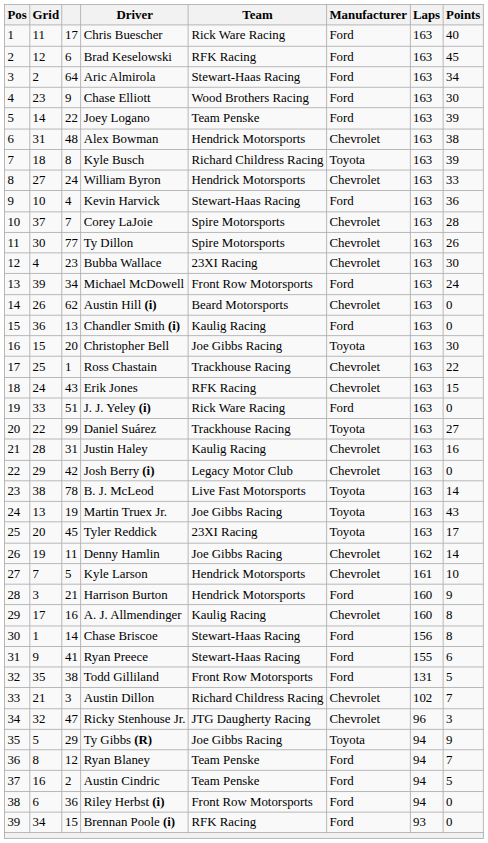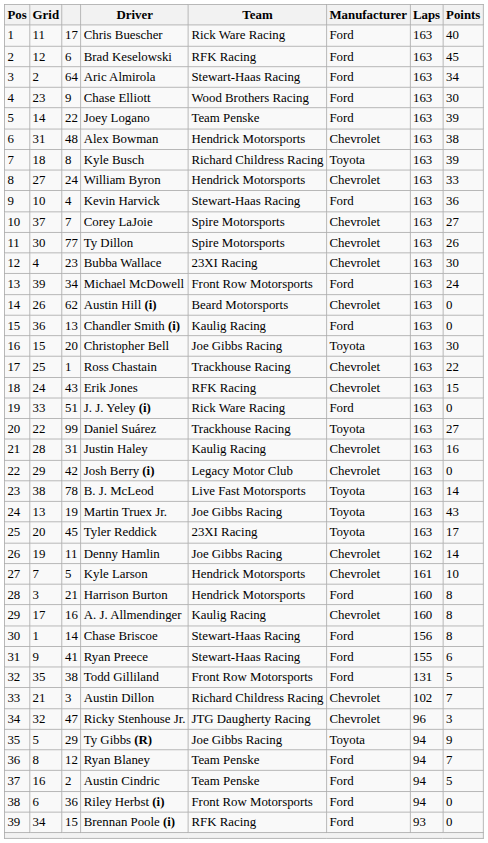 <table class="wikitable" style="font-size:98%">
 <tr>
 <th>Pos</th>
 <th>Grid</th>
 <th></th>
 <th>Driver</th>
 <th>Team</th>
 <th>Manufacturer</th>
 <th>Laps</th>
 <th>Points</th>
 </tr>
 <tr>
 <td>1</td>
 <td>11</td>
 <td>17</td>
 <td>Chris Buescher</td>
 <td>Rick Ware Racing</td>
 <td>Ford</td>
 <td>163</td>
 <td>40</td>
 </tr>
 <tr>
 <td>2</td>
 <td>12</td>
 <td>6</td>
 <td>Brad Keselowski</td>
 <td>RFK Racing</td>
 <td>Ford</td>
 <td>163</td>
 <td>45</td>
 </tr>
 <tr>
 <td>3</td>
 <td>2</td>
 <td>64</td>
 <td>Aric Almirola</td>
 <td>Stewart-Haas Racing</td>
 <td>Ford</td>
 <td>163</td>
 <td>34</td>
 </tr>
 <tr>
 <td>4</td>
 <td>23</td>
 <td>9</td>
 <td>Chase Elliott</td>
 <td>Wood Brothers Racing</td>
 <td>Ford</td>
 <td>163</td>
 <td>30</td>
 </tr>
 <tr>
 <td>5</td>
 <td>14</td>
 <td>22</td>
 <td>Joey Logano</td>
 <td>Team Penske</td>
 <td>Ford</td>
 <td>163</td>
 <td>39</td>
 </tr>
 <tr>
 <td>6</td>
 <td>31</td>
 <td>48</td>
 <td>Alex Bowman</td>
 <td>Hendrick Motorsports</td>
 <td>Chevrolet</td>
 <td>163</td>
 <td>38</td>
 </tr>
 <tr>
 <td>7</td>
 <td>18</td>
 <td>8</td>
 <td>Kyle Busch</td>
 <td>Richard Childress Racing</td>
 <td>Toyota</td>
 <td>163</td>
 <td>39</td>
 </tr>
 <tr>
 <td>8</td>
 <td>27</td>
 <td>24</td>
 <td>William Byron</td>
 <td>Hendrick Motorsports</td>
 <td>Chevrolet</td>
 <td>163</td>
 <td>33</td>
 </tr>
 <tr>
 <td>9</td>
 <td>10</td>
 <td>4</td>
 <td>Kevin Harvick</td>
 <td>Stewart-Haas Racing</td>
 <td>Ford</td>
 <td>163</td>
 <td>36</td>
 </tr>
 <tr>
 <td>10</td>
 <td>37</td>
 <td>7</td>
 <td>Corey LaJoie</td>
 <td>Spire Motorsports</td>
 <td>Chevrolet</td>
 <td>163</td>
-<td>28</td>
+<td>27</td>
 </tr>
 <tr>
 <td>11</td>
 <td>30</td>
 <td>77</td>
 <td>Ty Dillon</td>
 <td>Spire Motorsports</td>
 <td>Chevrolet</td>
 <td>163</td>
 <td>26</td>
 </tr>
 <tr>
 <td>12</td>
 <td>4</td>
 <td>23</td>
 <td>Bubba Wallace</td>
 <td>23XI Racing</td>
 <td>Chevrolet</td>
 <td>163</td>
 <td>30</td>
 </tr>
 <tr>
 <td>13</td>
 <td>39</td>
 <td>34</td>
 <td>Michael McDowell</td>
 <td>Front Row Motorsports</td>
 <td>Ford</td>
 <td>163</td>
 <td>24</td>
 </tr>
 <tr>
 <td>14</td>
 <td>26</td>
 <td>62</td>
 <td>Austin Hill <strong>(i)</strong></td>
 <td>Beard Motorsports</td>
 <td>Chevrolet</td>
 <td>163</td>
 <td>0</td>
 </tr>
 <tr>
 <td>15</td>
 <td>36</td>
 <td>13</td>
 <td>Chandler Smith <strong>(i)</strong></td>
 <td>Kaulig Racing</td>
 <td>Ford</td>
 <td>163</td>
 <td>0</td>
 </tr>
 <tr>
 <td>16</td>
 <td>15</td>
 <td>20</td>
 <td>Christopher Bell</td>
 <td>Joe Gibbs Racing</td>
 <td>Toyota</td>
 <td>163</td>
 <td>30</td>
 </tr>
 <tr>
 <td>17</td>
 <td>25</td>
 <td>1</td>
 <td>Ross Chastain</td>
 <td>Trackhouse Racing</td>
 <td>Chevrolet</td>
 <td>163</td>
 <td>22</td>
 </tr>
 <tr>
 <td>18</td>
 <td>24</td>
 <td>43</td>
 <td>Erik Jones</td>
 <td>RFK Racing</td>
 <td>Chevrolet</td>
 <td>163</td>
 <td>15</td>
 </tr>
 <tr>
 <td>19</td>
 <td>33</td>
 <td>51</td>
 <td>J. J. Yeley <strong>(i)</strong></td>
 <td>Rick Ware Racing</td>
 <td>Ford</td>
 <td>163</td>
 <td>0</td>
 </tr>
 <tr>
 <td>20</td>
 <td>22</td>
 <td>99</td>
 <td>Daniel Suárez</td>
 <td>Trackhouse Racing</td>
 <td>Toyota</td>
 <td>163</td>
 <td>27</td>
 </tr>
 <tr>
 <td>21</td>
 <td>28</td>
 <td>31</td>
 <td>Justin Haley</td>
 <td>Kaulig Racing</td>
 <td>Chevrolet</td>
 <td>163</td>
 <td>16</td>
 </tr>
 <tr>
 <td>22</td>
 <td>29</td>
 <td>42</td>
 <td>Josh Berry <strong>(i)</strong></td>
 <td>Legacy Motor Club</td>
 <td>Chevrolet</td>
 <td>163</td>
 <td>0</td>
 </tr>
 <tr>
 <td>23</td>
 <td>38</td>
 <td>78</td>
 <td>B. J. McLeod</td>
 <td>Live Fast Motorsports</td>
 <td>Toyota</td>
 <td>163</td>
 <td>14</td>
 </tr>
 <tr>
 <td>24</td>
 <td>13</td>
 <td>19</td>
 <td>Martin Truex Jr.</td>
 <td>Joe Gibbs Racing</td>
 <td>Toyota</td>
 <td>163</td>
 <td>43</td>
 </tr>
 <tr>
 <td>25</td>
 <td>20</td>
 <td>45</td>
 <td>Tyler Reddick</td>
 <td>23XI Racing</td>
 <td>Toyota</td>
 <td>163</td>
 <td>17</td>
 </tr>
 <tr>
 <td>26</td>
 <td>19</td>
 <td>11</td>
 <td>Denny Hamlin</td>
 <td>Joe Gibbs Racing</td>
 <td>Chevrolet</td>
 <td>162</td>
 <td>14</td>
 </tr>
 <tr>
 <td>27</td>
 <td>7</td>
 <td>5</td>
 <td>Kyle Larson</td>
 <td>Hendrick Motorsports</td>
 <td>Chevrolet</td>
 <td>161</td>
 <td>10</td>
 </tr>
 <tr>
 <td>28</td>
 <td>3</td>
 <td>21</td>
 <td>Harrison Burton</td>
 <td>Hendrick Motorsports</td>
 <td>Ford</td>
 <td>160</td>
-<td>9</td>
+<td>8</td>
 </tr>
 <tr>
 <td>29</td>
 <td>17</td>
 <td>16</td>
 <td>A. J. Allmendinger</td>
 <td>Kaulig Racing</td>
 <td>Chevrolet</td>
 <td>160</td>
 <td>8</td>
 </tr>
 <tr>
 <td>30</td>
 <td>1</td>
 <td>14</td>
 <td>Chase Briscoe</td>
 <td>Stewart-Haas Racing</td>
 <td>Ford</td>
 <td>156</td>
 <td>8</td>
 </tr>
 <tr>
 <td>31</td>
 <td>9</td>
 <td>41</td>
 <td>Ryan Preece</td>
 <td>Stewart-Haas Racing</td>
 <td>Ford</td>
 <td>155</td>
 <td>6</td>
 </tr>
 <tr>
 <td>32</td>
 <td>35</td>
 <td>38</td>
 <td>Todd Gilliland</td>
 <td>Front Row Motorsports</td>
 <td>Ford</td>
 <td>131</td>
 <td>5</td>
 </tr>
 <tr>
 <td>33</td>
 <td>21</td>
 <td>3</td>
 <td>Austin Dillon</td>
 <td>Richard Childress Racing</td>
 <td>Chevrolet</td>
 <td>102</td>
 <td>7</td>
 </tr>
 <tr>
 <td>34</td>
 <td>32</td>
 <td>47</td>
 <td>Ricky Stenhouse Jr.</td>
 <td>JTG Daugherty Racing</td>
 <td>Chevrolet</td>
 <td>96</td>
 <td>3</td>
 </tr>
 <tr>
 <td>35</td>
 <td>5</td>
 <td>29</td>
 <td>Ty Gibbs <strong>(R)</strong></td>
 <td>Joe Gibbs Racing</td>
 <td>Toyota</td>
 <td>94</td>
 <td>9</td>
 </tr>
 <tr>
 <td>36</td>
 <td>8</td>
 <td>12</td>
 <td>Ryan Blaney</td>
 <td>Team Penske</td>
 <td>Ford</td>
 <td>94</td>
 <td>7</td>
 </tr>
 <tr>
 <td>37</td>
 <td>16</td>
 <td>2</td>
 <td>Austin Cindric</td>
 <td>Team Penske</td>
 <td>Ford</td>
 <td>94</td>
 <td>5</td>
 </tr>
 <tr>
 <td>38</td>
 <td>6</td>
 <td>36</td>
 <td>Riley Herbst <strong>(i)</strong></td>
 <td>Front Row Motorsports</td>
 <td>Ford</td>
 <td>94</td>
 <td>0</td>
 </tr>
 <tr>
 <td>39</td>
 <td>34</td>
 <td>15</td>
 <td>Brennan Poole <strong>(i)</strong></td>
 <td>RFK Racing</td>
 <td>Ford</td>
 <td>93</td>
 <td>0</td>
 </tr>
 <tr>
 <th colspan="8"></th>
 </tr>
 </table>
